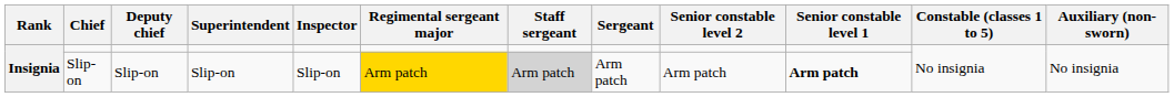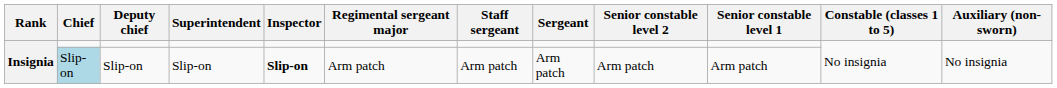 <table class="wikitable">
 <tr>
 <th>Rank</th>
 <th>Chief</th>
 <th>Deputy chief</th>
 <th>Superintendent</th>
 <th>Inspector</th>
 <th>Regimental sergeant major</th>
 <th>Staff sergeant</th>
 <th>Sergeant</th>
 <th>Senior constable level 2</th>
 <th>Senior constable level 1</th>
 <th>Constable (classes 1 to 5)</th>
 <th>Auxiliary (non-sworn)</th>
 </tr>
 <tr>
 <th rowspan="2">Insignia</th>
 <td></td>
 <td></td>
 <td></td>
 <td></td>
 <td></td>
 <td></td>
 <td></td>
 <td></td>
 <td></td>
 <td rowspan="2">No insignia</td>
 <td rowspan="2">No insignia</td>
 </tr>
 <tr>
+<td style="background: lightblue;">Slip-on</td>
 <td>Slip-on</td>
 <td>Slip-on</td>
-<td>Slip-on</td>
-<td>Slip-on</td>
-<td style="background: gold;">Arm patch</td>
-<td style="background: lightgrey;">Arm patch</td>
+<td><strong>Slip-on</strong></td>
 <td>Arm patch</td>
 <td>Arm patch</td>
-<td><strong>Arm patch</strong></td>
+<td>Arm patch</td>
+<td>Arm patch</td>
+<td>Arm patch</td>
 </tr>
 </table>
